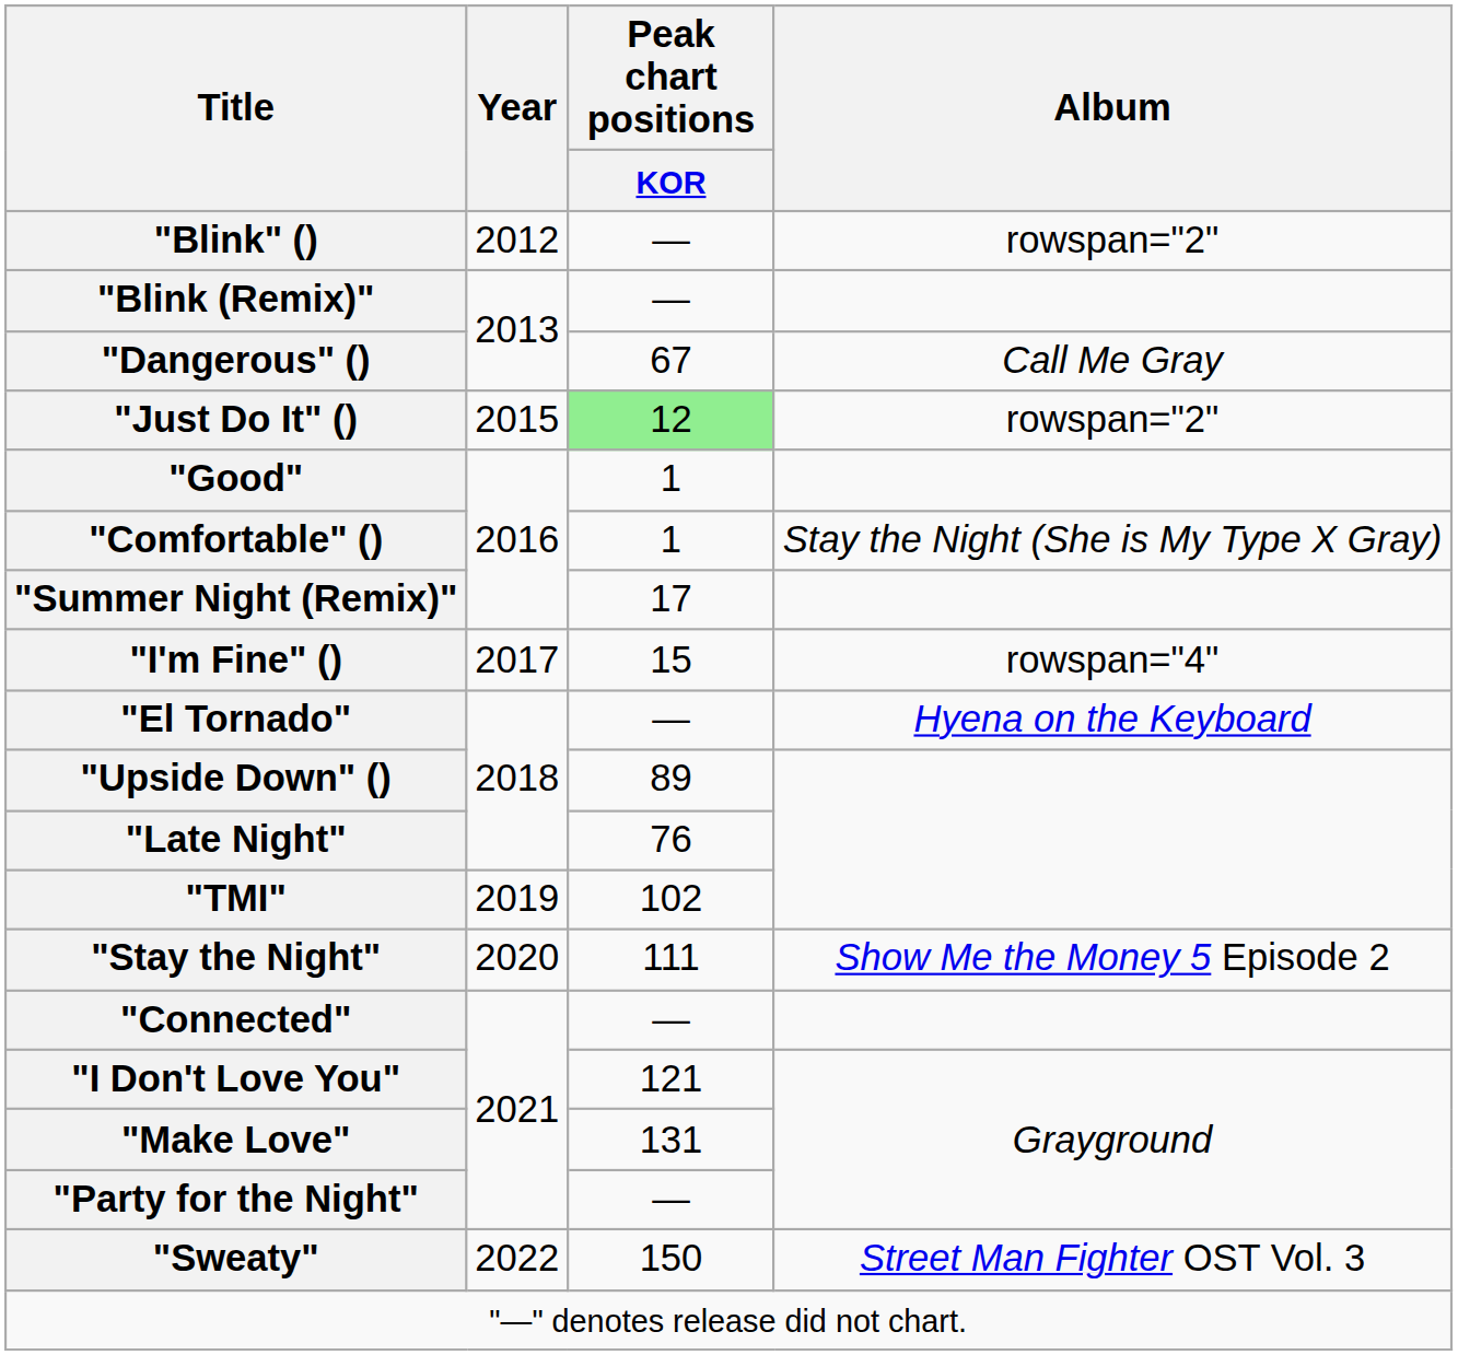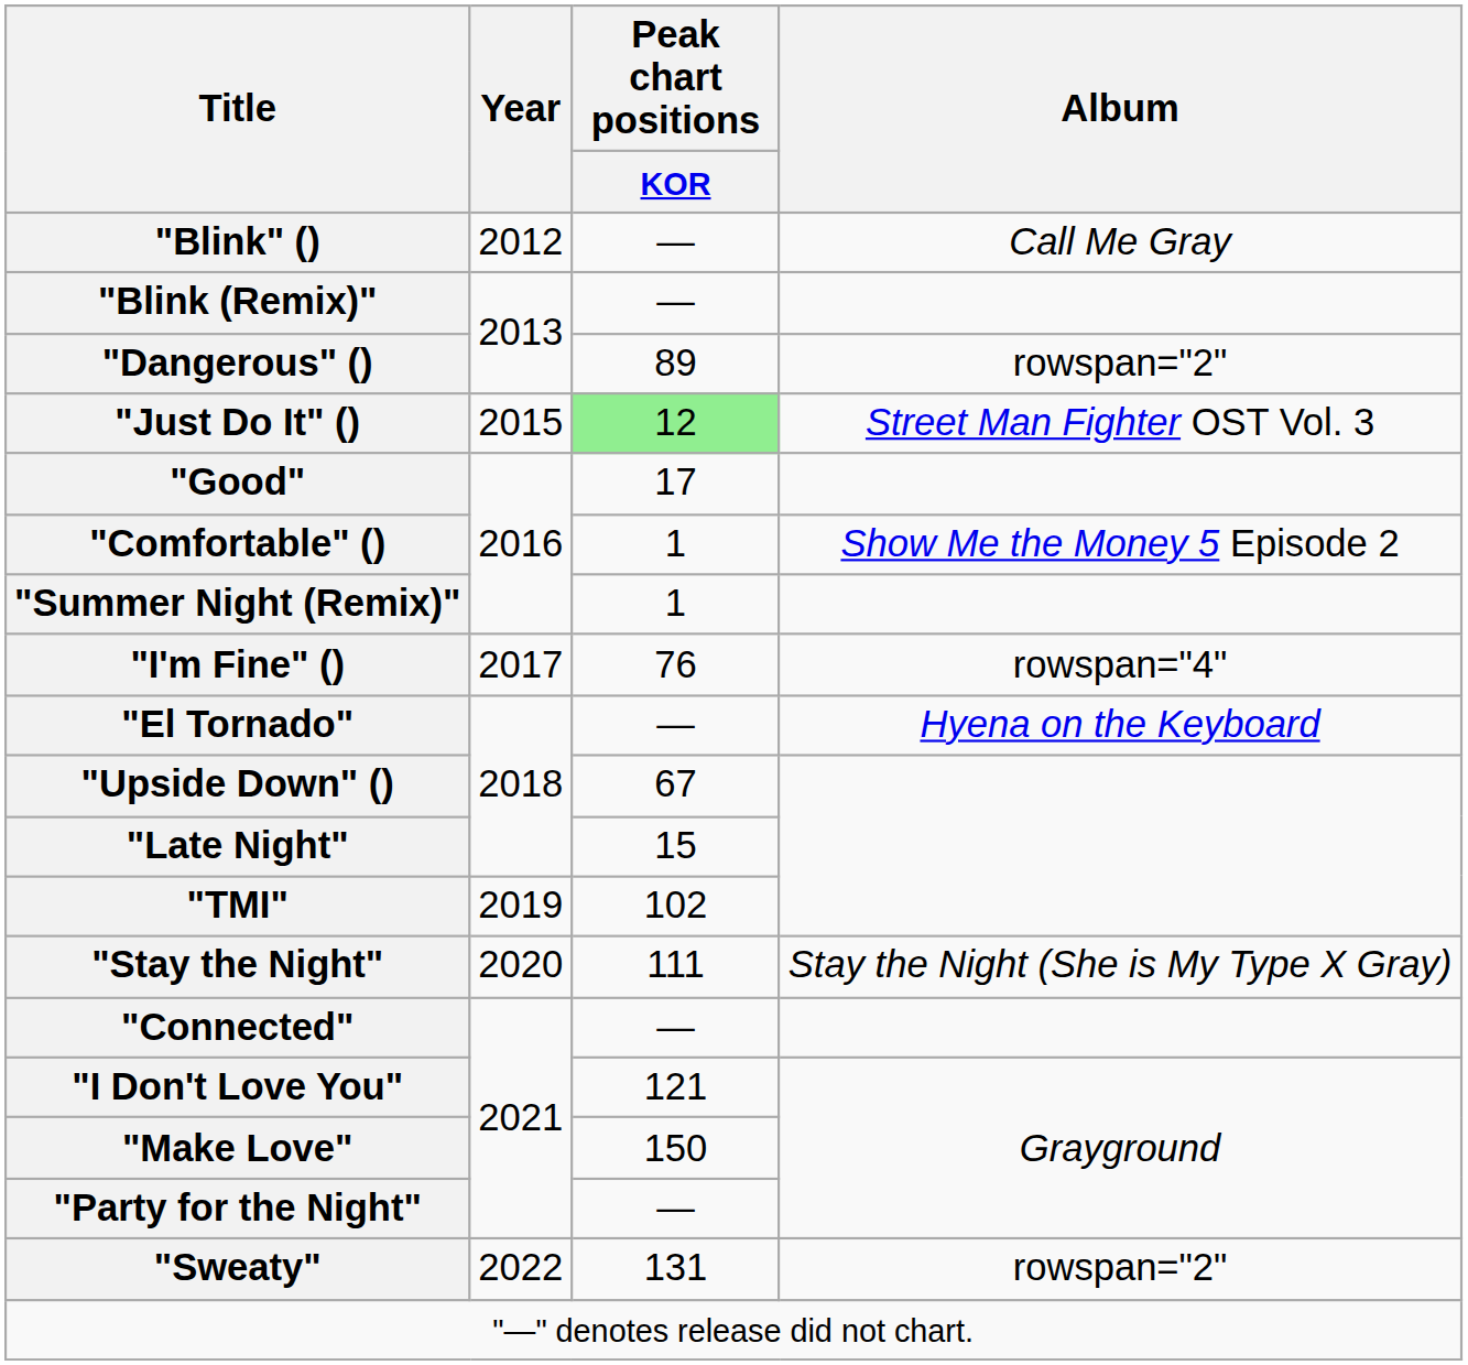 <table class="wikitable plainrowheaders" style="text-align:center;">
 <tr>
 <th scope="col" rowspan="2">Title</th>
 <th scope="col" rowspan="2">Year</th>
 <th scope="col" colspan="1" style="width:5em;">Peak chart positions</th>
 <th scope="col" rowspan="2">Album</th>
 </tr>
 <tr>
 <th><small><a href='#'>KOR</a></small><br></th>
 </tr>
 <tr>
 <th scope="row">"Blink" ()<br></th>
 <td>2012</td>
 <td>—</td>
-<td>rowspan="2" </td>
+<td><em>Call Me Gray</em></td>
 </tr>
 <tr>
 <th scope="row">"Blink (Remix)"<br></th>
 <td rowspan="2">2013</td>
 <td>—</td>
 </tr>
 <tr>
 <th scope="row">"Dangerous" ()</th>
-<td>67</td>
-<td><em>Call Me Gray</em></td>
+<td>89</td>
+<td>rowspan="2" </td>
 </tr>
 <tr>
 <th scope="row">"Just Do It" ()<br></th>
 <td>2015</td>
 <td style="background: lightgreen;">12</td>
-<td>rowspan="2" </td>
+<td><em><a href='#'>Street Man Fighter</a></em> OST Vol. 3</td>
 </tr>
 <tr>
 <th scope="row">"Good"<br></th>
 <td rowspan="3">2016</td>
-<td>1</td>
+<td>17</td>
 </tr>
 <tr>
 <th scope="row">"Comfortable" ()<br></th>
 <td>1</td>
-<td><em>Stay the Night (She is My Type X Gray)</em></td>
+<td><em><a href='#'>Show Me the Money 5</a></em> Episode 2</td>
 </tr>
 <tr>
 <th scope="row">"Summer Night (Remix)"<br></th>
-<td>17</td>
+<td>1</td>
 <td></td>
 </tr>
 <tr>
 <th scope="row">"I'm Fine" ()<br></th>
 <td>2017</td>
-<td>15</td>
+<td>76</td>
 <td>rowspan="4" </td>
 </tr>
 <tr>
 <th scope="row">"El Tornado"<br></th>
 <td rowspan="3">2018</td>
 <td>—</td>
 <td><em><a href='#'>Hyena on the Keyboard</a></em></td>
 </tr>
 <tr>
 <th scope="row">"Upside Down" ()<br></th>
-<td>89</td>
+<td>67</td>
 </tr>
 <tr>
 <th scope="row">"Late Night"<br></th>
-<td>76</td>
+<td>15</td>
 </tr>
 <tr>
 <th scope="row">"TMI"</th>
 <td>2019</td>
 <td>102</td>
 </tr>
 <tr>
 <th scope="row">"Stay the Night"<br></th>
 <td>2020</td>
 <td>111</td>
-<td><em><a href='#'>Show Me the Money 5</a></em> Episode 2</td>
+<td><em>Stay the Night (She is My Type X Gray)</em></td>
 </tr>
 <tr>
 <th scope="row">"Connected"</th>
 <td rowspan="4">2021</td>
 <td>—</td>
 <td></td>
 </tr>
 <tr>
 <th scope="row">"I Don't Love You"</th>
 <td>121</td>
 <td rowspan="3"><em>Grayground</em></td>
 </tr>
 <tr>
 <th scope="row">"Make Love"<br></th>
-<td>131</td>
+<td>150</td>
 </tr>
 <tr>
 <th scope="row">"Party for the Night"<br></th>
 <td>—</td>
 </tr>
 <tr>
 <th scope="row">"Sweaty"<br></th>
 <td>2022</td>
-<td>150</td>
-<td><em><a href='#'>Street Man Fighter</a></em> OST Vol. 3</td>
+<td>131</td>
+<td>rowspan="2" </td>
 </tr>
 <tr>
 <td colspan="4"><small>"—" denotes release did not chart.</small></td>
 </tr>
 </table>
